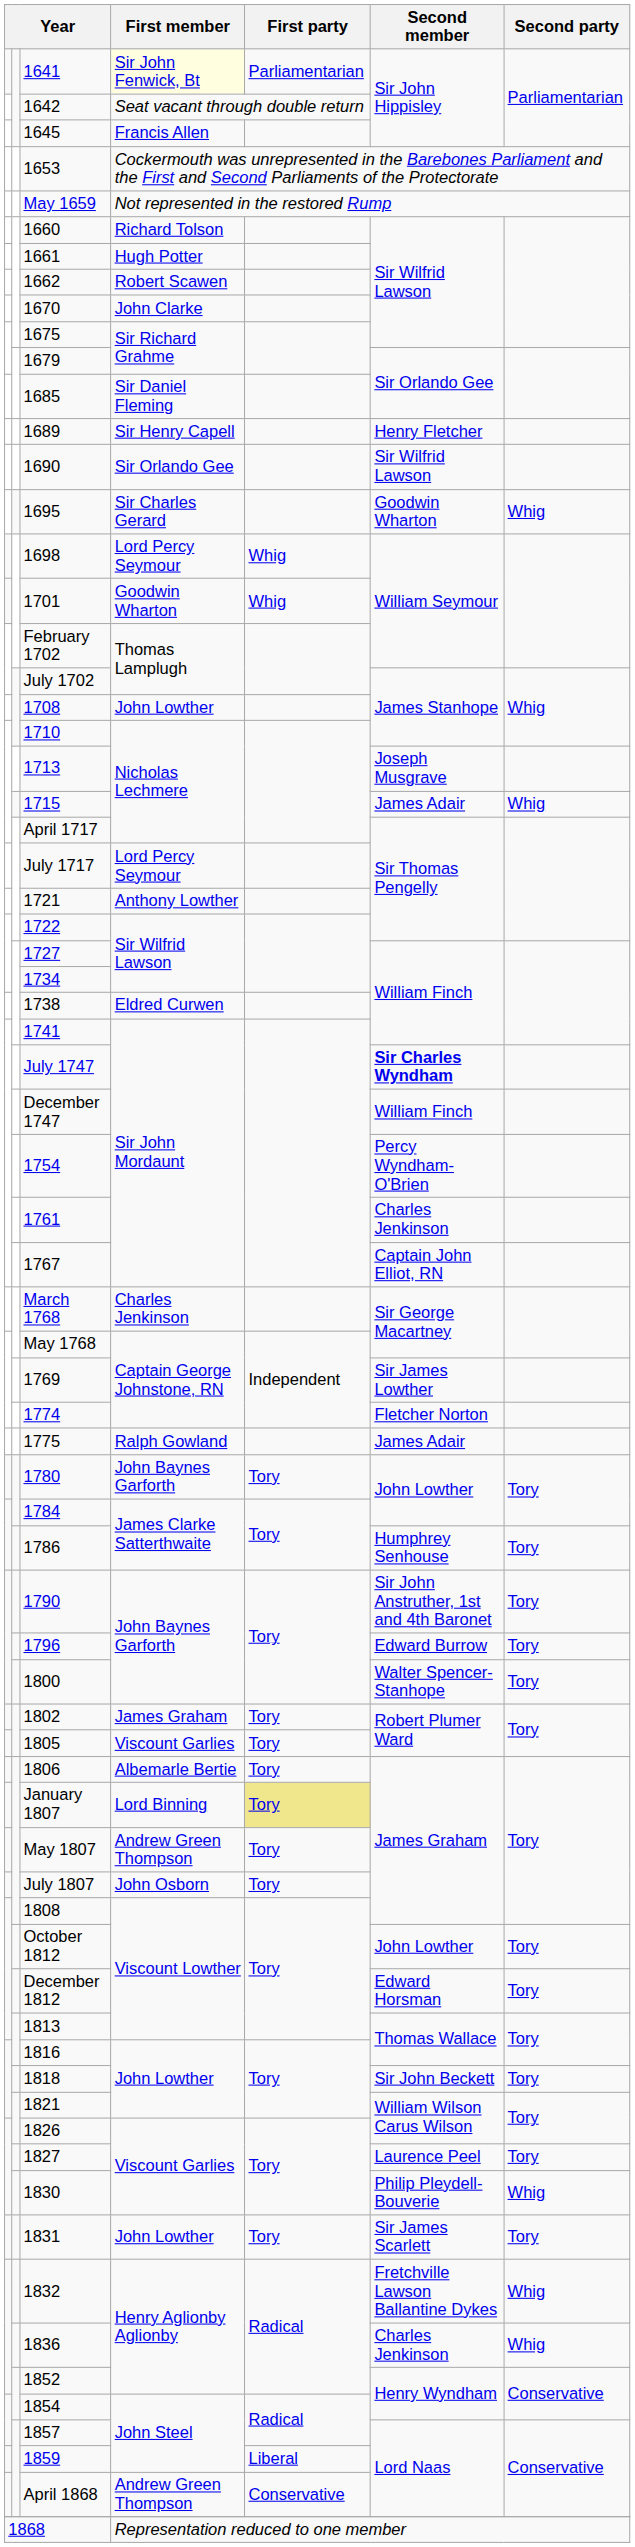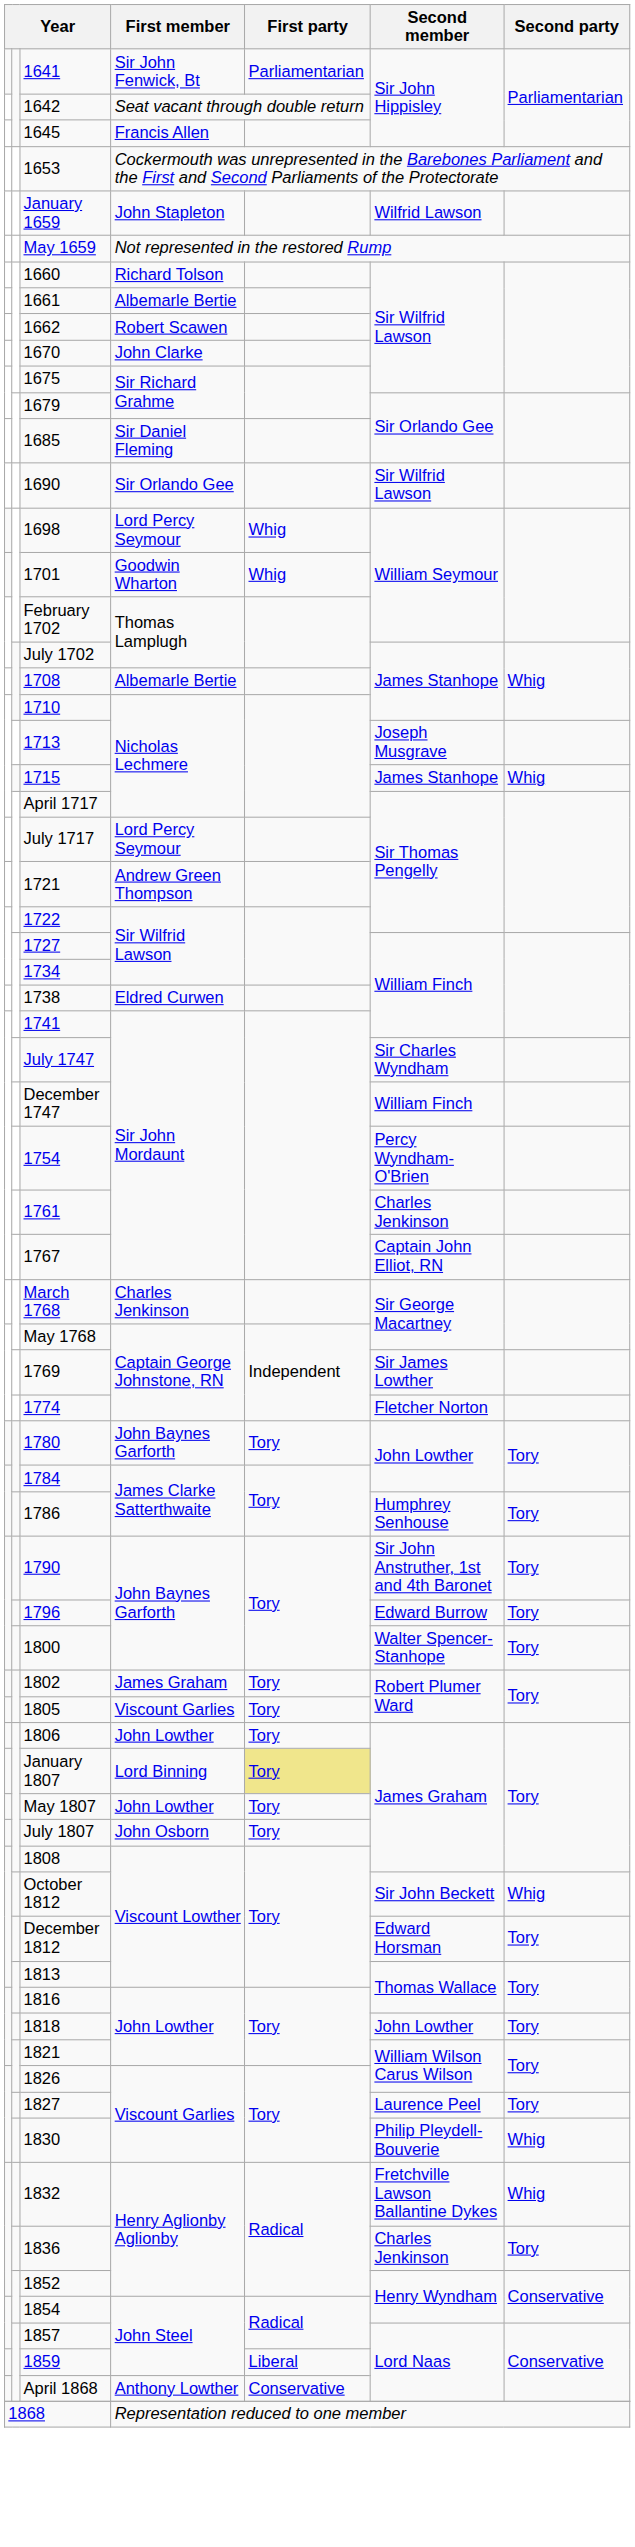 <table class="wikitable">
 <tr>
 <th colspan="3">Year</th>
 <th>First member</th>
 <th>First party</th>
 <th>Second member</th>
 <th>Second party</th>
 </tr>
 <tr>
 <td style="color:inherit;background-color: "></td>
 <td rowspan="3" style="color:inherit;background-color: "></td>
 <td><a href='#'>1641</a></td>
-<td style="background: lightyellow;"><a href='#'>Sir John Fenwick, Bt</a></td>
+<td><a href='#'>Sir John Fenwick, Bt</a></td>
 <td><a href='#'>Parliamentarian</a></td>
 <td rowspan="3"><a href='#'>Sir John Hippisley</a></td>
 <td rowspan="3"><a href='#'>Parliamentarian</a></td>
 </tr>
 <tr>
 <td style="color:inherit;background-color: white"></td>
 <td>1642</td>
 <td colspan="2"><em>Seat vacant through double return</em> </td>
 </tr>
 <tr>
 <td style="color:inherit;background-color: white"></td>
 <td>1645</td>
 <td><a href='#'>Francis Allen</a></td>
 <td></td>
 </tr>
 <tr>
 <td style="color:inherit;background-color: white"></td>
 <td style="color:inherit;background-color: white"></td>
 <td>1653</td>
 <td colspan="4"><em>Cockermouth was unrepresented in the <a href='#'>Barebones Parliament</a> and the <a href='#'>First</a> and <a href='#'>Second</a> Parliaments of the Protectorate</em></td>
 </tr>
 <tr>
 <td style="color:inherit;background-color: white"></td>
 <td style="color:inherit;background-color: white"></td>
+<td><a href='#'>January 1659</a></td>
+<td><a href='#'>John Stapleton</a></td>
+<td></td>
+<td><a href='#'>Wilfrid Lawson</a></td>
+<td></td>
+</tr>
+<tr>
+<td style="color:inherit;background-color: white"></td>
+<td style="color:inherit;background-color: white"></td>
 <td><a href='#'>May 1659</a></td>
 <td colspan="4"><em>Not represented in the restored <a href='#'>Rump</a></em></td>
 </tr>
 <tr>
 <td style="color:inherit;background-color: white"></td>
 <td rowspan="5" style="color:inherit;background-color: white"></td>
 <td>1660</td>
 <td><a href='#'>Richard Tolson</a></td>
 <td></td>
 <td rowspan="5"><a href='#'>Sir Wilfrid Lawson</a></td>
 <td rowspan="5"></td>
 </tr>
 <tr>
 <td style="color:inherit;background-color: white"></td>
 <td>1661</td>
-<td><a href='#'>Hugh Potter</a></td>
+<td><a href='#'>Albemarle Bertie</a></td>
 <td></td>
 </tr>
 <tr>
 <td style="color:inherit;background-color: white"></td>
 <td>1662</td>
 <td><a href='#'>Robert Scawen</a></td>
 <td></td>
 </tr>
 <tr>
 <td style="color:inherit;background-color: white"></td>
 <td>1670</td>
 <td><a href='#'>John Clarke</a></td>
 <td></td>
 </tr>
 <tr>
 <td rowspan="2" style="color:inherit;background-color: white"></td>
 <td>1675</td>
 <td rowspan="2"><a href='#'>Sir Richard Grahme</a></td>
 <td rowspan="2"></td>
 </tr>
 <tr>
 <td rowspan="2" style="color:inherit;background-color: white"></td>
 <td>1679</td>
 <td rowspan="2"><a href='#'>Sir Orlando Gee</a></td>
 <td rowspan="2"></td>
 </tr>
 <tr>
 <td style="color:inherit;background-color: white"></td>
 <td>1685</td>
 <td><a href='#'>Sir Daniel Fleming</a></td>
 <td></td>
 </tr>
 <tr>
 <td style="color:inherit;background-color: white"></td>
 <td style="color:inherit;background-color: white"></td>
-<td>1689</td>
-<td><a href='#'>Sir Henry Capell</a></td>
-<td></td>
-<td><a href='#'>Henry Fletcher</a></td>
-<td></td>
-</tr>
-<tr>
-<td style="color:inherit;background-color: white"></td>
-<td style="color:inherit;background-color: white"></td>
 <td>1690</td>
 <td><a href='#'>Sir Orlando Gee</a></td>
 <td></td>
 <td><a href='#'>Sir Wilfrid Lawson</a></td>
 <td></td>
-</tr>
-<tr>
-<td style="color:inherit;background-color: white"></td>
-<td style="color:inherit;background-color: "></td>
-<td>1695</td>
-<td><a href='#'>Sir Charles Gerard</a></td>
-<td></td>
-<td><a href='#'>Goodwin Wharton</a></td>
-<td><a href='#'>Whig</a></td>
 </tr>
 <tr>
 <td style="color:inherit;background-color: "></td>
 <td rowspan="3" style="color:inherit;background-color: white"></td>
 <td>1698</td>
 <td><a href='#'>Lord Percy Seymour</a></td>
 <td><a href='#'>Whig</a></td>
 <td rowspan="3"><a href='#'>William Seymour</a></td>
 <td rowspan="3"></td>
 </tr>
 <tr>
 <td style="color:inherit;background-color: "></td>
 <td>1701</td>
 <td><a href='#'>Goodwin Wharton</a></td>
 <td><a href='#'>Whig</a></td>
 </tr>
 <tr>
 <td rowspan="2" style="color:inherit;background-color: white"></td>
 <td>February 1702</td>
 <td rowspan="2">Thomas Lamplugh </td>
 <td rowspan="2"></td>
 </tr>
 <tr>
 <td rowspan="3" style="color:inherit;background-color: "></td>
 <td>July 1702</td>
 <td rowspan="3"><a href='#'>James Stanhope</a></td>
 <td rowspan="3"><a href='#'>Whig</a></td>
 </tr>
 <tr>
 <td style="color:inherit;background-color: white"></td>
 <td><a href='#'>1708</a></td>
-<td><a href='#'>John Lowther</a></td>
+<td><a href='#'>Albemarle Bertie</a></td>
 <td></td>
 </tr>
 <tr>
 <td rowspan="4" style="color:inherit;background-color: white"></td>
 <td><a href='#'>1710</a></td>
 <td rowspan="4"><a href='#'>Nicholas Lechmere</a></td>
 <td rowspan="4"></td>
 </tr>
 <tr>
 <td style="color:inherit;background-color: white"></td>
 <td><a href='#'>1713</a></td>
 <td><a href='#'>Joseph Musgrave</a></td>
 <td></td>
 </tr>
 <tr>
 <td style="color:inherit;background-color: "></td>
 <td><a href='#'>1715</a></td>
-<td><a href='#'>James Adair</a></td>
+<td><a href='#'>James Stanhope</a></td>
 <td><a href='#'>Whig</a></td>
 </tr>
 <tr>
 <td rowspan="4" style="color:inherit;background-color: white"></td>
 <td>April 1717</td>
 <td rowspan="4"><a href='#'>Sir Thomas Pengelly</a></td>
 <td rowspan="4"></td>
 </tr>
 <tr>
 <td style="color:inherit;background-color: white"></td>
 <td>July 1717</td>
 <td><a href='#'>Lord Percy Seymour</a></td>
 <td></td>
 </tr>
 <tr>
 <td style="color:inherit;background-color: white"></td>
 <td>1721</td>
-<td><a href='#'>Anthony Lowther</a></td>
+<td><a href='#'>Andrew Green Thompson</a></td>
 <td></td>
 </tr>
 <tr>
 <td rowspan="3" style="color:inherit;background-color: white"></td>
 <td><a href='#'>1722</a></td>
 <td rowspan="3"><a href='#'>Sir Wilfrid Lawson</a></td>
 <td rowspan="3"></td>
 </tr>
 <tr>
 <td rowspan="4" style="color:inherit;background-color: white"></td>
 <td><a href='#'>1727</a></td>
 <td rowspan="4"><a href='#'>William Finch</a></td>
 <td rowspan="4"></td>
 </tr>
 <tr>
 <td><a href='#'>1734</a></td>
 </tr>
 <tr>
 <td style="color:inherit;background-color: white"></td>
 <td>1738</td>
 <td><a href='#'>Eldred Curwen</a></td>
 <td></td>
 </tr>
 <tr>
 <td rowspan="6" style="color:inherit;background-color: white"></td>
 <td><a href='#'>1741</a></td>
 <td rowspan="6"><a href='#'>Sir John Mordaunt</a></td>
 <td rowspan="6"></td>
 </tr>
 <tr>
 <td style="color:inherit;background-color: white"></td>
 <td><a href='#'>July 1747</a></td>
-<td><strong><a href='#'>Sir Charles Wyndham</a></strong></td>
+<td><a href='#'>Sir Charles Wyndham</a></td>
 <td></td>
 </tr>
 <tr>
 <td style="color:inherit;background-color: white"></td>
 <td>December 1747</td>
 <td><a href='#'>William Finch</a></td>
 <td></td>
 </tr>
 <tr>
 <td style="color:inherit;background-color: white"></td>
 <td><a href='#'>1754</a></td>
 <td><a href='#'>Percy Wyndham-O'Brien</a></td>
 <td></td>
 </tr>
 <tr>
 <td style="color:inherit;background-color: white"></td>
 <td><a href='#'>1761</a></td>
 <td><a href='#'>Charles Jenkinson</a></td>
 <td></td>
 </tr>
 <tr>
 <td style="color:inherit;background-color: white"></td>
 <td>1767</td>
 <td><a href='#'>Captain John Elliot, RN</a></td>
 <td></td>
 </tr>
 <tr>
 <td style="color:inherit;background-color: white"></td>
 <td rowspan="2" style="color:inherit;background-color: white"></td>
 <td><a href='#'>March 1768</a></td>
 <td><a href='#'>Charles Jenkinson</a></td>
 <td></td>
 <td rowspan="2"><a href='#'>Sir George Macartney</a></td>
 <td rowspan="2"></td>
 </tr>
 <tr>
 <td rowspan="3" style="color:inherit;background-color: white"></td>
 <td>May 1768</td>
 <td rowspan="3"><a href='#'>Captain George Johnstone, RN</a></td>
 <td rowspan="3">Independent</td>
 </tr>
 <tr>
 <td style="color:inherit;background-color: white"></td>
 <td>1769</td>
 <td><a href='#'>Sir James Lowther</a></td>
 <td></td>
 </tr>
 <tr>
 <td style="color:inherit;background-color: white"></td>
 <td><a href='#'>1774</a></td>
 <td><a href='#'>Fletcher Norton</a></td>
-<td></td>
-</tr>
-<tr>
-<td style="color:inherit;background-color: white"></td>
-<td style="color:inherit;background-color: white"></td>
-<td>1775</td>
-<td><a href='#'>Ralph Gowland</a></td>
-<td></td>
-<td><a href='#'>James Adair</a></td>
 <td></td>
 </tr>
 <tr>
 <td style="color:inherit;background-color: "></td>
 <td rowspan="2" style="color:inherit;background-color: "></td>
 <td><a href='#'>1780</a></td>
 <td><a href='#'>John Baynes Garforth</a></td>
 <td><a href='#'>Tory</a></td>
 <td rowspan="2"><a href='#'>John Lowther</a></td>
 <td rowspan="2"><a href='#'>Tory</a></td>
 </tr>
 <tr>
 <td rowspan="2" style="color:inherit;background-color: "></td>
 <td><a href='#'>1784</a></td>
 <td rowspan="2"><a href='#'>James Clarke Satterthwaite</a></td>
 <td rowspan="2"><a href='#'>Tory</a></td>
 </tr>
 <tr>
 <td style="color:inherit;background-color: "></td>
 <td>1786</td>
 <td><a href='#'>Humphrey Senhouse</a></td>
 <td><a href='#'>Tory</a></td>
 </tr>
 <tr>
 <td rowspan="3" style="color:inherit;background-color: "></td>
 <td style="color:inherit;background-color: "></td>
 <td><a href='#'>1790</a></td>
 <td rowspan="3"><a href='#'>John Baynes Garforth</a></td>
 <td rowspan="3"><a href='#'>Tory</a></td>
 <td><a href='#'>Sir John Anstruther, 1st and 4th Baronet</a></td>
 <td><a href='#'>Tory</a></td>
 </tr>
 <tr>
 <td style="color:inherit;background-color: "></td>
 <td><a href='#'>1796</a></td>
 <td><a href='#'>Edward Burrow</a></td>
 <td><a href='#'>Tory</a></td>
 </tr>
 <tr>
 <td style="color:inherit;background-color: "></td>
 <td>1800</td>
 <td><a href='#'>Walter Spencer-Stanhope</a></td>
 <td><a href='#'>Tory</a></td>
 </tr>
 <tr>
 <td style="color:inherit;background-color: "></td>
 <td rowspan="2" style="color:inherit;background-color: "></td>
 <td>1802</td>
 <td><a href='#'>James Graham</a></td>
 <td><a href='#'>Tory</a></td>
 <td rowspan="2"><a href='#'>Robert Plumer Ward</a></td>
 <td rowspan="2"><a href='#'>Tory</a></td>
 </tr>
 <tr>
 <td style="color:inherit;background-color: "></td>
 <td>1805</td>
 <td><a href='#'>Viscount Garlies</a></td>
 <td><a href='#'>Tory</a></td>
 </tr>
 <tr>
 <td style="color:inherit;background-color: "></td>
 <td rowspan="5" style="color:inherit;background-color: "></td>
 <td>1806</td>
-<td><a href='#'>Albemarle Bertie</a></td>
+<td><a href='#'>John Lowther</a></td>
 <td><a href='#'>Tory</a></td>
 <td rowspan="5"><a href='#'>James Graham</a></td>
 <td rowspan="5"><a href='#'>Tory</a></td>
 </tr>
 <tr>
 <td style="color:inherit;background-color: "></td>
 <td>January 1807</td>
 <td><a href='#'>Lord Binning</a></td>
 <td style="background: khaki;"><a href='#'>Tory</a></td>
 </tr>
 <tr>
 <td style="color:inherit;background-color: "></td>
 <td>May 1807</td>
-<td><a href='#'>Andrew Green Thompson</a></td>
+<td><a href='#'>John Lowther</a></td>
 <td><a href='#'>Tory</a></td>
 </tr>
 <tr>
 <td style="color:inherit;background-color: "></td>
 <td>July 1807</td>
 <td><a href='#'>John Osborn</a></td>
 <td><a href='#'>Tory</a></td>
 </tr>
 <tr>
 <td rowspan="4" style="color:inherit;background-color: "></td>
 <td>1808</td>
 <td rowspan="4"><a href='#'>Viscount Lowther</a></td>
 <td rowspan="4"><a href='#'>Tory</a></td>
 </tr>
 <tr>
 <td style="color:inherit;background-color: "></td>
 <td>October 1812</td>
-<td><a href='#'>John Lowther</a></td>
-<td><a href='#'>Tory</a></td>
+<td><a href='#'>Sir John Beckett</a></td>
+<td><a href='#'>Whig</a></td>
 </tr>
 <tr>
 <td style="color:inherit;background-color: "></td>
 <td>December 1812</td>
 <td><a href='#'>Edward Horsman</a></td>
 <td><a href='#'>Tory</a></td>
 </tr>
 <tr>
 <td rowspan="2" style="color:inherit;background-color: "></td>
 <td>1813</td>
 <td rowspan="2"><a href='#'>Thomas Wallace</a></td>
 <td rowspan="2"><a href='#'>Tory</a></td>
 </tr>
 <tr>
 <td rowspan="3" style="color:inherit;background-color: "></td>
 <td>1816</td>
 <td rowspan="3"><a href='#'>John Lowther</a></td>
 <td rowspan="3"><a href='#'>Tory</a></td>
 </tr>
 <tr>
 <td style="color:inherit;background-color: "></td>
 <td>1818</td>
-<td><a href='#'>Sir John Beckett</a></td>
+<td><a href='#'>John Lowther</a></td>
 <td><a href='#'>Tory</a></td>
 </tr>
 <tr>
 <td rowspan="2" style="color:inherit;background-color: "></td>
 <td>1821</td>
 <td rowspan="2"><a href='#'>William Wilson Carus Wilson</a></td>
 <td rowspan="2"><a href='#'>Tory</a></td>
 </tr>
 <tr>
 <td rowspan="3" style="color:inherit;background-color: "></td>
 <td>1826</td>
 <td rowspan="3"><a href='#'>Viscount Garlies</a></td>
 <td rowspan="3"><a href='#'>Tory</a></td>
 </tr>
 <tr>
 <td style="color:inherit;background-color: "></td>
 <td>1827</td>
 <td><a href='#'>Laurence Peel</a></td>
 <td><a href='#'>Tory</a></td>
 </tr>
 <tr>
 <td style="color:inherit;background-color: "></td>
 <td>1830</td>
 <td><a href='#'>Philip Pleydell-Bouverie</a></td>
 <td><a href='#'>Whig</a></td>
 </tr>
 <tr>
-<td style="color:inherit;background-color: "></td>
-<td style="color:inherit;background-color: "></td>
-<td>1831</td>
-<td><a href='#'>John Lowther</a></td>
-<td><a href='#'>Tory</a></td>
-<td><a href='#'>Sir James Scarlett</a></td>
-<td><a href='#'>Tory</a></td>
-</tr>
-<tr>
 <td rowspan="3" style="color:inherit;background-color: "></td>
 <td style="color:inherit;background-color: "></td>
 <td>1832</td>
 <td rowspan="3"><a href='#'>Henry Aglionby Aglionby</a></td>
 <td rowspan="3"><a href='#'>Radical</a></td>
 <td><a href='#'>Fretchville Lawson Ballantine Dykes</a></td>
 <td><a href='#'>Whig</a></td>
 </tr>
 <tr>
 <td style="color:inherit;background-color: "></td>
 <td>1836</td>
 <td><a href='#'>Charles Jenkinson</a></td>
-<td><a href='#'>Whig</a></td>
+<td><a href='#'>Tory</a></td>
 </tr>
 <tr>
 <td rowspan="2" style="color:inherit;background-color: "></td>
 <td>1852</td>
 <td rowspan="2"><a href='#'>Henry Wyndham</a></td>
 <td rowspan="2"><a href='#'>Conservative</a></td>
 </tr>
 <tr>
 <td rowspan="2" style="color:inherit;background-color: "></td>
 <td>1854</td>
 <td rowspan="3"><a href='#'>John Steel</a></td>
 <td rowspan="2"><a href='#'>Radical</a></td>
 </tr>
 <tr>
 <td rowspan="3" style="color:inherit;background-color: "></td>
 <td>1857</td>
 <td rowspan="3"><a href='#'>Lord Naas</a></td>
 <td rowspan="3"><a href='#'>Conservative</a></td>
 </tr>
 <tr>
 <td style="color:inherit;background-color: "></td>
 <td><a href='#'>1859</a></td>
 <td><a href='#'>Liberal</a></td>
 </tr>
 <tr>
 <td style="color:inherit;background-color: "></td>
 <td>April 1868</td>
-<td><a href='#'>Andrew Green Thompson</a></td>
+<td><a href='#'>Anthony Lowther</a></td>
 <td><a href='#'>Conservative</a></td>
 </tr>
 <tr>
 </tr>
 <tr>
 <td colspan="3"><a href='#'>1868</a></td>
 <td colspan="4"><em>Representation reduced to one member</em></td>
 </tr>
 </table>
